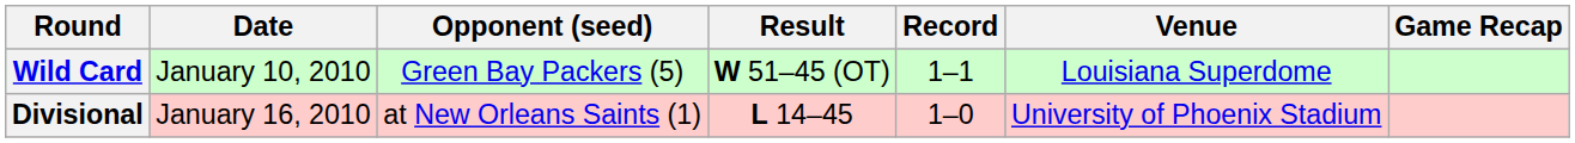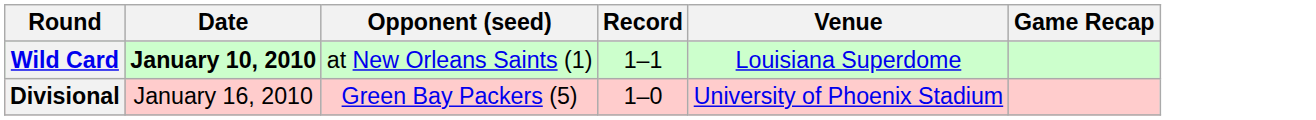 <table class="wikitable" style="text-align:center">
 <tr>
 <th>Round</th>
 <th>Date</th>
 <th>Opponent (seed)</th>
-<th>Result</th>
 <th>Record</th>
 <th>Venue</th>
 <th>Game Recap</th>
 </tr>
 <tr style="background:#cfc">
 <th><a href='#'>Wild Card</a></th>
-<td>January 10, 2010</td>
-<td><a href='#'>Green Bay Packers</a> (5)</td>
-<td><strong>W</strong> 51–45 (OT)</td>
+<td><strong>January 10, 2010</strong></td>
+<td>at <a href='#'>New Orleans Saints</a> (1)</td>
 <td>1–1</td>
 <td><a href='#'>Louisiana Superdome</a></td>
 <td></td>
 </tr>
 <tr style="background:#fcc">
 <th>Divisional</th>
 <td>January 16, 2010</td>
-<td>at <a href='#'>New Orleans Saints</a> (1)</td>
-<td><strong>L</strong> 14–45</td>
+<td><a href='#'>Green Bay Packers</a> (5)</td>
 <td>1–0</td>
 <td><a href='#'>University of Phoenix Stadium</a></td>
 <td></td>
 </tr>
 </table>
